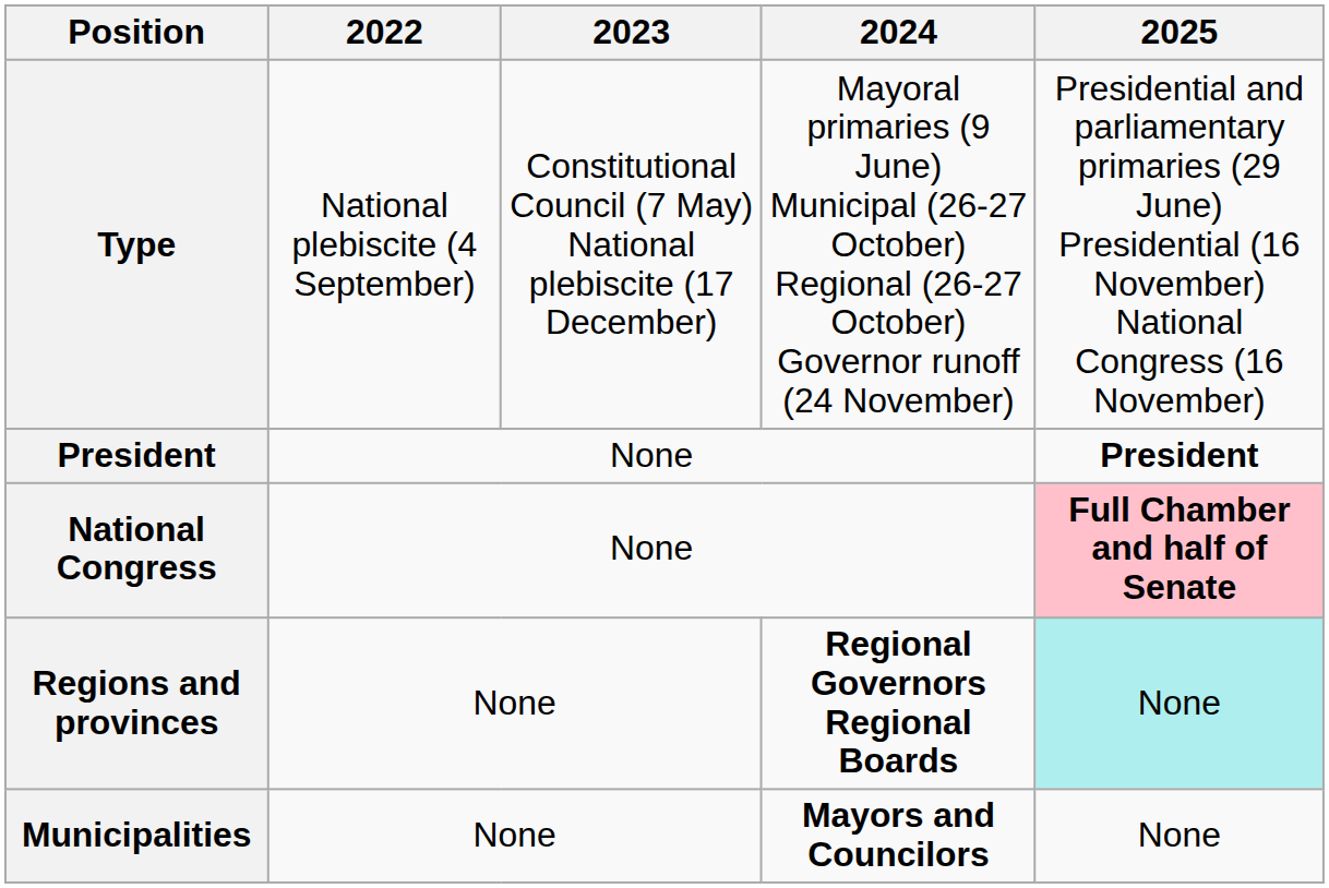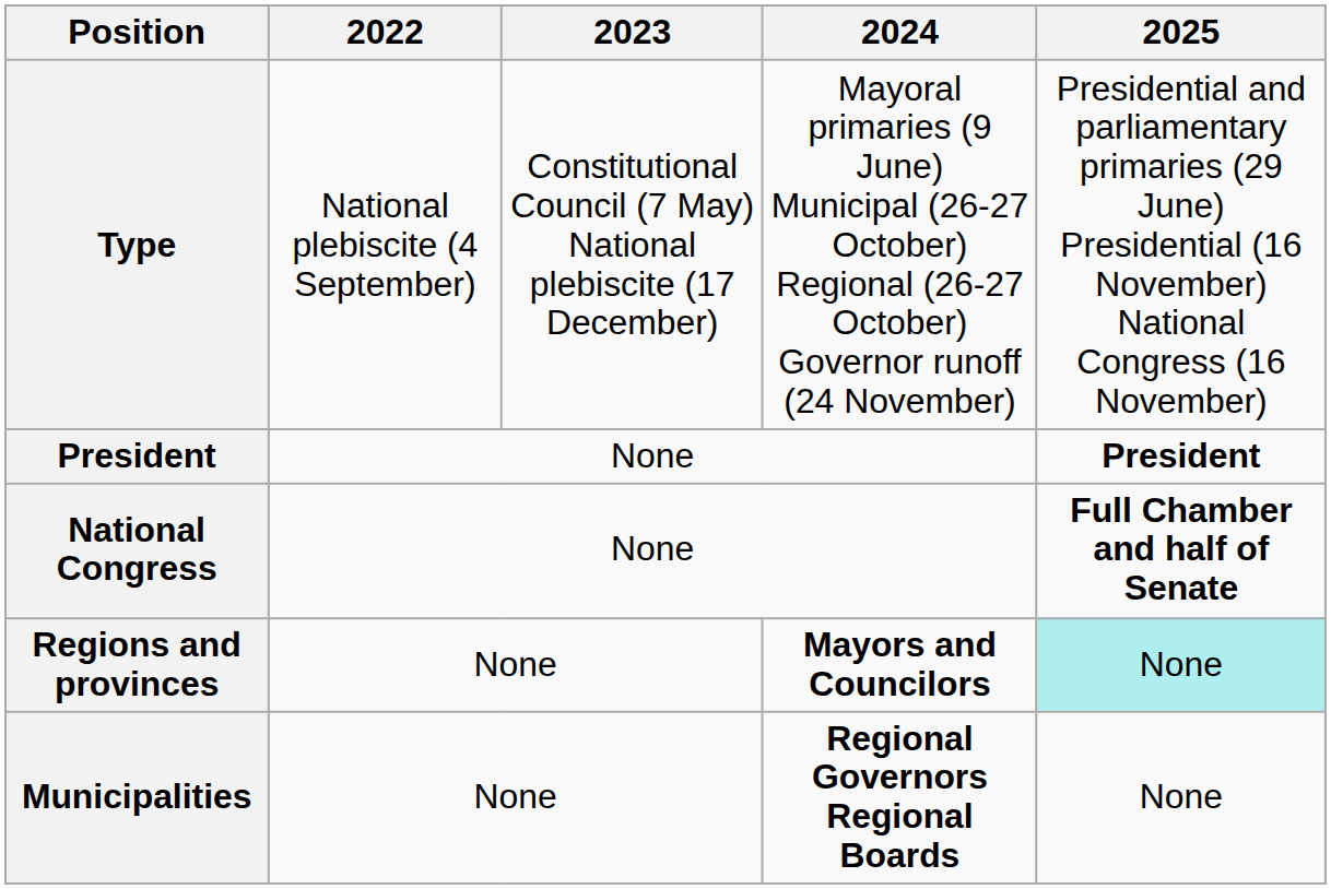 <table class=wikitable style="text-align:center;">
 <tr>
 <th>Position</th>
 <th>2022</th>
 <th>2023</th>
 <th>2024</th>
 <th>2025</th>
 </tr>
 <tr>
 <th>Type</th>
 <td>National plebiscite (4 September)</td>
 <td>Constitutional Council (7 May)<br>National plebiscite (17 December)</td>
 <td>Mayoral primaries (9 June)<br>Municipal (26-27 October)<br>Regional (26-27 October) Governor runoff (24 November)</td>
 <td>Presidential and parliamentary primaries (29 June)<br>Presidential (16 November)<br>National Congress (16 November)</td>
 </tr>
 <tr>
 <th>President</th>
 <td colspan="3">None</td>
 <td><strong>President</strong></td>
 </tr>
 <tr>
 <th>National Congress</th>
 <td colspan="3">None</td>
-<td style="background: pink;"><strong>Full Chamber and half of Senate</strong></td>
+<td><strong>Full Chamber and half of Senate</strong></td>
 </tr>
 <tr>
 <th>Regions and provinces</th>
 <td colspan="2">None</td>
-<td><strong>Regional Governors</strong><br><strong>Regional Boards</strong></td>
+<td><strong>Mayors and Councilors</strong></td>
 <td style="background: paleturquoise;">None</td>
 </tr>
 <tr>
 <th>Municipalities</th>
 <td colspan="2">None</td>
-<td><strong>Mayors and Councilors</strong></td>
+<td><strong>Regional Governors</strong><br><strong>Regional Boards</strong></td>
 <td>None</td>
 </tr>
 </table>
